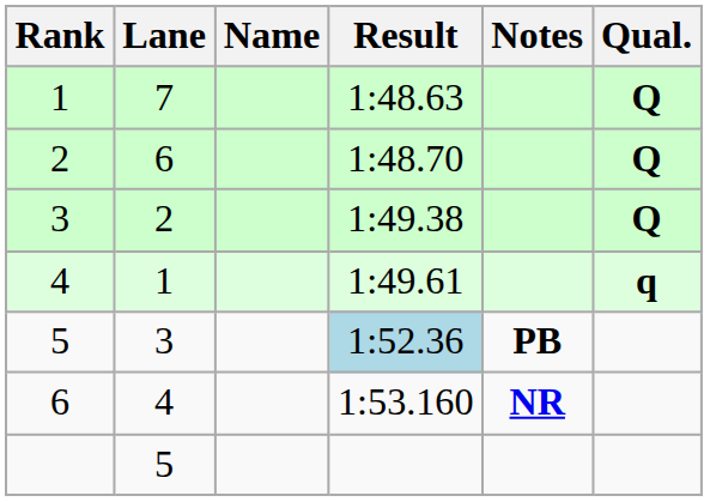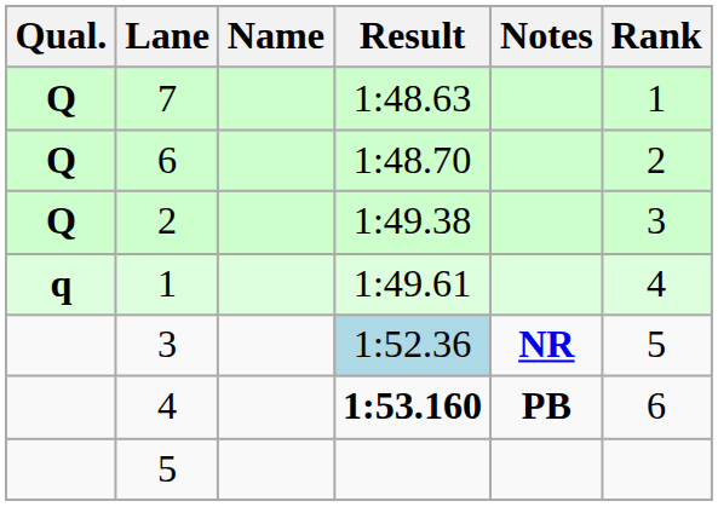 <table class="wikitable sortable" style="text-align:center">
 <tr>
-<th>Rank</th>
+<th>Qual.</th>
 <th>Lane</th>
 <th>Name</th>
 <th>Result</th>
 <th>Notes</th>
-<th>Qual.</th>
+<th>Rank</th>
 </tr>
 <tr style="background:#cfc;">
-<td>1</td>
+<td><strong>Q</strong></td>
 <td>7</td>
 <td align="left"></td>
 <td>1:48.63</td>
 <td></td>
-<td><strong>Q</strong></td>
+<td>1</td>
 </tr>
 <tr style="background:#cfc;">
-<td>2</td>
+<td><strong>Q</strong></td>
 <td>6</td>
 <td align="left"></td>
 <td>1:48.70</td>
 <td></td>
-<td><strong>Q</strong></td>
+<td>2</td>
 </tr>
 <tr style="background:#cfc;">
-<td>3</td>
+<td><strong>Q</strong></td>
 <td>2</td>
 <td align="left"></td>
 <td>1:49.38</td>
 <td></td>
-<td><strong>Q</strong></td>
+<td>3</td>
 </tr>
 <tr style="background:#dfd;">
-<td>4</td>
+<td><strong>q</strong></td>
 <td>1</td>
 <td align="left"></td>
 <td>1:49.61</td>
 <td></td>
-<td><strong>q</strong></td>
+<td>4</td>
 </tr>
 <tr>
-<td>5</td>
+<td></td>
 <td>3</td>
 <td align="left"></td>
 <td style="background: lightblue;">1:52.36</td>
-<td><strong>PB</strong></td>
-<td></td>
+<td><strong><a href='#'>NR</a></strong></td>
+<td>5</td>
 </tr>
 <tr>
-<td>6</td>
+<td></td>
 <td>4</td>
 <td align="left"></td>
-<td>1:53.160</td>
-<td><strong><a href='#'>NR</a></strong></td>
-<td></td>
+<td><strong>1:53.160</strong></td>
+<td><strong>PB</strong></td>
+<td>6</td>
 </tr>
 <tr>
 <td></td>
 <td>5</td>
 <td align="left"></td>
 <td></td>
 <td></td>
 <td></td>
 </tr>
 </table>
